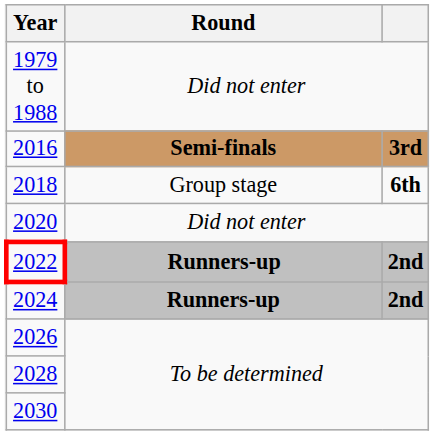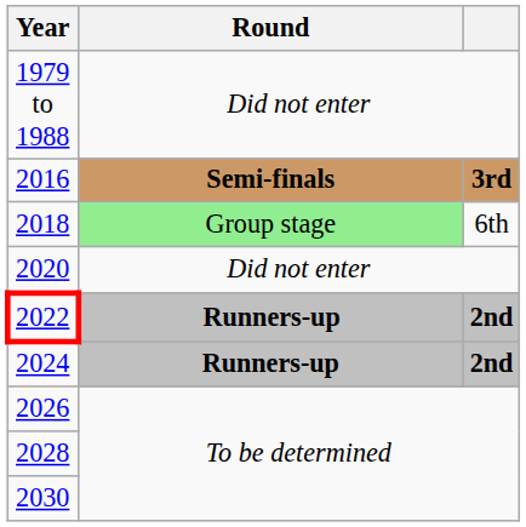 <table class="wikitable" style="text-align: center; font-size:90%">
 <tr>
 <th>Year</th>
 <th style="width:200px">Round</th>
 <th></th>
 </tr>
 <tr>
 <td><a href='#'>1979</a><br>to<br><a href='#'>1988</a></td>
 <td colspan="2"><em>Did not enter</em></td>
 </tr>
 <tr>
 <td><a href='#'>2016</a></td>
 <td bgcolor="cc9966"><strong>Semi-finals</strong></td>
 <td bgcolor="cc9966"><strong>3rd</strong></td>
 </tr>
 <tr>
 <td><a href='#'>2018</a></td>
-<td>Group stage</td>
-<td><strong>6th</strong></td>
+<td style="background: lightgreen;">Group stage</td>
+<td>6th</td>
 </tr>
 <tr>
 <td><a href='#'>2020</a></td>
 <td colspan="2"><em>Did not enter</em></td>
 </tr>
 <tr>
 <td style="border: 3px solid red"><a href='#'>2022</a></td>
 <td bgcolor=Silver><strong>Runners-up</strong></td>
 <td bgcolor=Silver><strong>2nd</strong></td>
 </tr>
 <tr>
 <td><a href='#'>2024</a></td>
 <td bgcolor=Silver><strong>Runners-up</strong></td>
 <td bgcolor=Silver><strong>2nd</strong></td>
 </tr>
 <tr>
 <td><a href='#'>2026</a></td>
 <td colspan="2" rowspan="3"><em>To be determined</em></td>
 </tr>
 <tr>
 <td><a href='#'>2028</a></td>
 </tr>
 <tr>
 <td><a href='#'>2030</a></td>
 </tr>
 </table>
